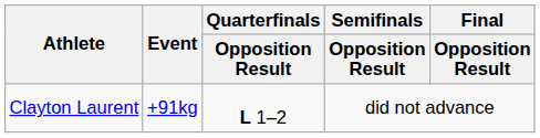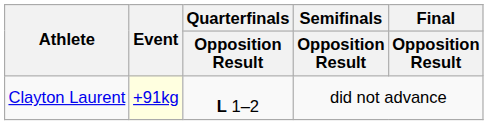 <table class="wikitable" border="1" style="font-size:90%">
 <tr>
 <th rowspan=2>Athlete</th>
 <th rowspan=2>Event</th>
 <th>Quarterfinals</th>
 <th>Semifinals</th>
 <th>Final</th>
 </tr>
 <tr>
 <th>Opposition<br>Result</th>
 <th>Opposition<br>Result</th>
 <th>Opposition<br>Result</th>
 </tr>
 <tr>
 <td><a href='#'>Clayton Laurent</a></td>
-<td><a href='#'>+91kg</a></td>
+<td style="background: lightyellow;"><a href='#'>+91kg</a></td>
 <td align=center><br><strong>L</strong> 1–2</td>
 <td align=center colspan="2">did not advance</td>
 </tr>
 </table>
